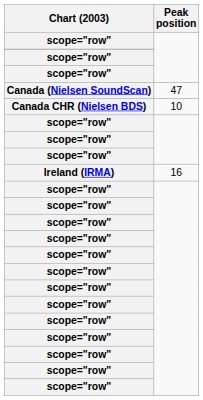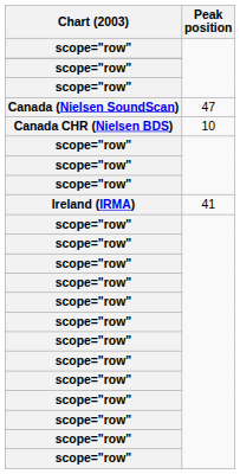 <table class="wikitable plainrowheaders sortable" style="text-align:center;">
 <tr>
 <th scope="col">Chart (2003)</th>
 <th scope="col">Peak<br>position</th>
 </tr>
 <tr>
 <th>scope="row" </th>
 </tr>
 <tr>
 </tr>
 <tr>
 <th>scope="row" </th>
 </tr>
 <tr>
 <th>scope="row" </th>
 </tr>
 <tr>
 <th scope="row">Canada (<a href='#'>Nielsen SoundScan</a>)</th>
 <td style="text-align:center">47</td>
 </tr>
 <tr>
 <th scope="row">Canada CHR (<a href='#'>Nielsen BDS</a>)</th>
 <td style="text-align:center">10</td>
 </tr>
 <tr>
 <th>scope="row" </th>
 </tr>
 <tr>
 <th>scope="row" </th>
 </tr>
 <tr>
 <th>scope="row" </th>
 </tr>
 <tr>
 <th scope="row">Ireland (<a href='#'>IRMA</a>)</th>
-<td style="text-align:center;">16</td>
+<td style="text-align:center;">41</td>
 </tr>
 <tr>
 <th>scope="row" </th>
 </tr>
 <tr>
 <th>scope="row" </th>
 </tr>
 <tr>
 <th>scope="row" </th>
 </tr>
 <tr>
 <th>scope="row" </th>
 </tr>
 <tr>
 <th>scope="row" </th>
 </tr>
 <tr>
 <th>scope="row" </th>
 </tr>
 <tr>
 <th>scope="row" </th>
 </tr>
 <tr>
 <th>scope="row" </th>
 </tr>
 <tr>
 <th>scope="row" </th>
 </tr>
 <tr>
 <th>scope="row" </th>
 </tr>
 <tr>
 <th>scope="row" </th>
 </tr>
 <tr>
 <th>scope="row" </th>
 </tr>
 <tr>
 <th>scope="row" </th>
 </tr>
 </table>
